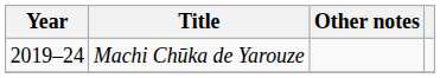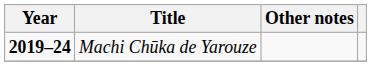 <table class="wikitable">
 <tr>
 <th>Year</th>
 <th>Title</th>
 <th>Other notes</th>
 <th></th>
 </tr>
 <tr>
-<td>2019–24</td>
+<td><strong>2019–24</strong></td>
 <td><em>Machi Chūka de Yarouze</em></td>
 <td></td>
 <td></td>
 </tr>
 <tr>
 </tr>
 </table>
